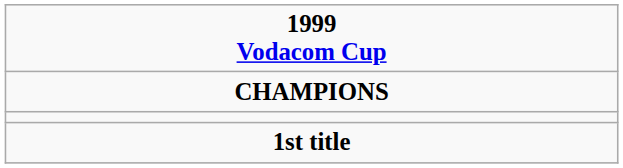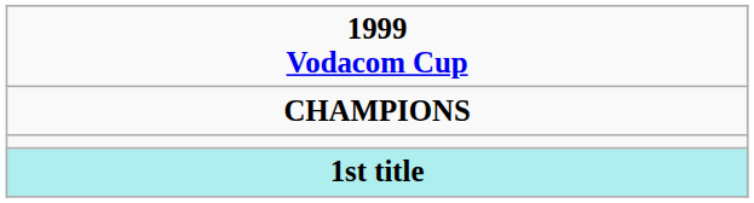 <table class="wikitable" style="text-align: center; margin: 0 auto; width: 20%">
 <tr>
 <td><strong>1999</strong> <br> <strong><a href='#'>Vodacom Cup</a></strong></td>
 </tr>
 <tr>
 <td><strong>CHAMPIONS</strong></td>
 </tr>
 <tr>
 <td><strong></strong></td>
 </tr>
 <tr>
-<td><strong>1st title </strong></td>
+<td style="background: paleturquoise;"><strong>1st title </strong></td>
 </tr>
 </table>
